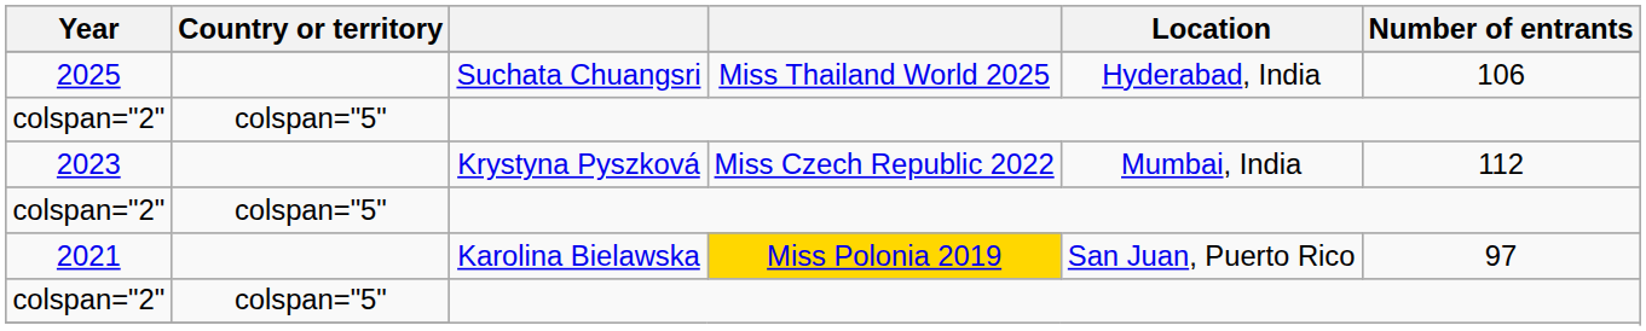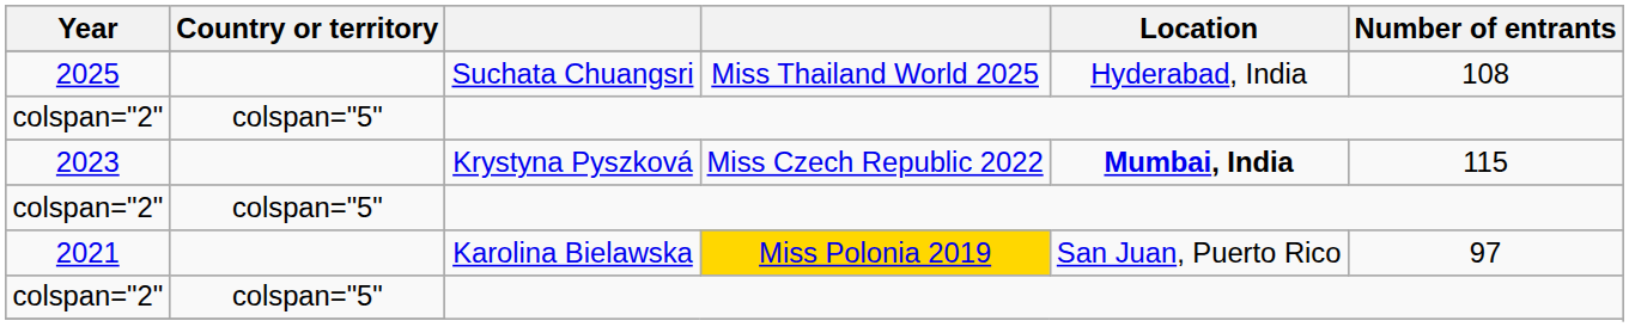 <table class="wikitable " style="font-size: 90%; text-align:center;">
 <tr>
 <th>Year</th>
 <th>Country or territory</th>
 <th></th>
 <th></th>
 <th>Location</th>
 <th>Number of entrants</th>
 </tr>
 <tr>
 </tr>
 <tr>
 <td><a href='#'>2025</a></td>
 <td></td>
 <td><a href='#'>Suchata Chuangsri</a></td>
 <td><a href='#'>Miss Thailand World 2025</a></td>
 <td><a href='#'>Hyderabad</a>, India</td>
-<td>106</td>
+<td>108</td>
 </tr>
 <tr>
 <td>colspan="2" </td>
 <td>colspan="5" </td>
 </tr>
 <tr>
 <td><a href='#'>2023</a></td>
 <td></td>
 <td><a href='#'>Krystyna Pyszková</a></td>
 <td><a href='#'>Miss Czech Republic 2022</a></td>
-<td><a href='#'>Mumbai</a>, India</td>
-<td>112</td>
+<td><strong><a href='#'>Mumbai</a>, India</strong></td>
+<td>115</td>
 </tr>
 <tr>
 <td>colspan="2" </td>
 <td>colspan="5" </td>
 </tr>
 <tr>
 <td><a href='#'>2021</a></td>
 <td></td>
 <td><a href='#'>Karolina Bielawska</a></td>
 <td style="background: gold;"><a href='#'>Miss Polonia 2019</a></td>
 <td><a href='#'>San Juan</a>, Puerto Rico</td>
 <td>97</td>
 </tr>
 <tr>
 <td>colspan="2" </td>
 <td>colspan="5" </td>
 </tr>
 <tr>
 </tr>
 </table>
